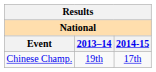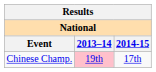 <table class="wikitable" style="text-align:center">
 <tr>
 <th colspan=3 align=center><strong>Results</strong></th>
 </tr>
 <tr>
 <th style="background-color: #ffdead; " colspan=3 align=center><strong>National</strong></th>
 </tr>
 <tr>
 <th>Event</th>
 <th><a href='#'>2013–14</a></th>
 <th><a href='#'>2014-15</a></th>
 </tr>
 <tr>
 <td align=left><a href='#'>Chinese Champ.</a></td>
-<td><a href='#'>19th</a></td>
+<td style="background: pink;"><a href='#'>19th</a></td>
 <td><a href='#'>17th</a></td>
 </tr>
 </table>
